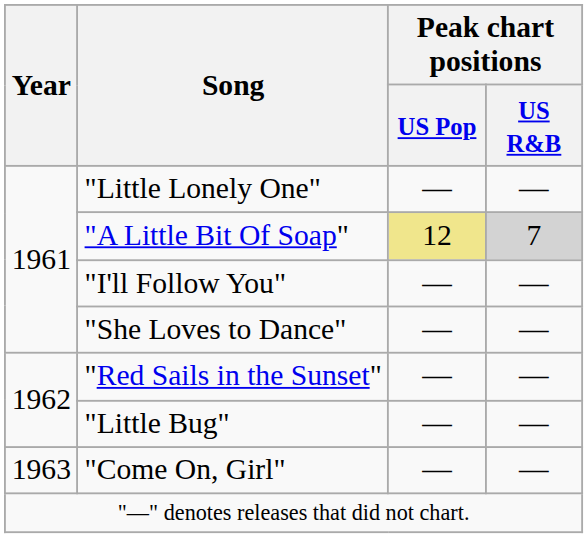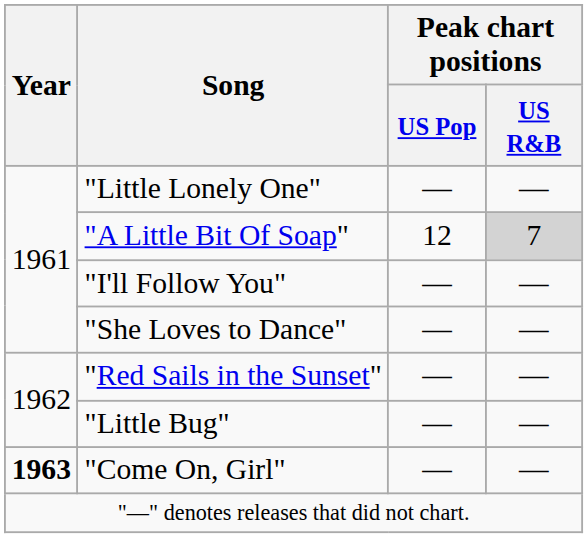 <table class="wikitable">
 <tr>
 <th scope="col" rowspan="2">Year</th>
 <th scope="col" rowspan="2">Song</th>
 <th scope="col" colspan="2">Peak chart positions</th>
 </tr>
 <tr>
 <th style="width:45px;"><small><a href='#'>US Pop</a></small><br></th>
 <th style="width:45px;"><small><a href='#'>US R&B</a></small><br></th>
 </tr>
 <tr>
 <td rowspan="4">1961</td>
 <td>"Little Lonely One"</td>
 <td align=center>—</td>
 <td align=center>―</td>
 </tr>
 <tr>
 <td><a href='#'>"A Little Bit Of Soap</a>"</td>
-<td align=center style="background: khaki;">12</td>
+<td align=center>12</td>
 <td align=center style="background: lightgrey;">7</td>
 </tr>
 <tr>
 <td>"I'll Follow You"</td>
 <td align=center>—</td>
 <td align=center>―</td>
 </tr>
 <tr>
 <td>"She Loves to Dance"</td>
 <td align=center>—</td>
 <td align=center>―</td>
 </tr>
 <tr>
 <td rowspan="2">1962</td>
 <td>"<a href='#'>Red Sails in the Sunset</a>"</td>
 <td align=center>—</td>
 <td align=center>―</td>
 </tr>
 <tr>
 <td>"Little Bug"</td>
 <td align=center>—</td>
 <td align=center>―</td>
 </tr>
 <tr>
-<td rowspan="1">1963</td>
+<td rowspan="1"><strong>1963</strong></td>
 <td>"Come On, Girl"</td>
 <td align=center>—</td>
 <td align=center>―</td>
 </tr>
 <tr>
 <td colspan="6" style="text-align:center; font-size:9pt;">"—" denotes releases that did not chart.</td>
 </tr>
 </table>
